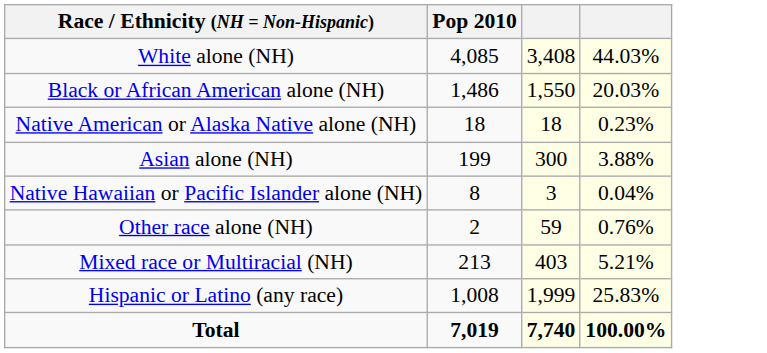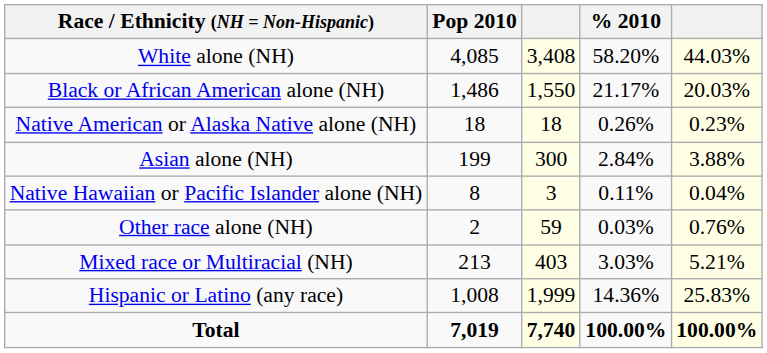 <table class="wikitable" style="text-align:center;">
 <tr>
 <th>Race / Ethnicity <small>(<em>NH = Non-Hispanic</em>)</small></th>
 <th>Pop 2010</th>
 <th></th>
+<th>% 2010</th>
 <th></th>
 </tr>
 <tr>
 <td><a href='#'>White</a> alone (NH)</td>
 <td>4,085</td>
 <td style='background: #ffffe6;'>3,408</td>
+<td>58.20%</td>
 <td style='background: #ffffe6;'>44.03%</td>
 </tr>
 <tr>
 <td><a href='#'>Black or African American</a> alone (NH)</td>
 <td>1,486</td>
 <td style='background: #ffffe6;'>1,550</td>
+<td>21.17%</td>
 <td style='background: #ffffe6;'>20.03%</td>
 </tr>
 <tr>
 <td><a href='#'>Native American</a> or <a href='#'>Alaska Native</a> alone (NH)</td>
 <td>18</td>
 <td style='background: #ffffe6;'>18</td>
+<td>0.26%</td>
 <td style='background: #ffffe6;'>0.23%</td>
 </tr>
 <tr>
 <td><a href='#'>Asian</a> alone (NH)</td>
 <td>199</td>
 <td style='background: #ffffe6;'>300</td>
+<td>2.84%</td>
 <td style='background: #ffffe6;'>3.88%</td>
 </tr>
 <tr>
 <td><a href='#'>Native Hawaiian</a> or <a href='#'>Pacific Islander</a> alone (NH)</td>
 <td>8</td>
 <td style='background: #ffffe6;'>3</td>
+<td>0.11%</td>
 <td style='background: #ffffe6;'>0.04%</td>
 </tr>
 <tr>
 <td><a href='#'>Other race</a> alone (NH)</td>
 <td>2</td>
 <td style='background: #ffffe6;'>59</td>
+<td>0.03%</td>
 <td style='background: #ffffe6;'>0.76%</td>
 </tr>
 <tr>
 <td><a href='#'>Mixed race or Multiracial</a> (NH)</td>
 <td>213</td>
 <td style='background: #ffffe6;'>403</td>
+<td>3.03%</td>
 <td style='background: #ffffe6;'>5.21%</td>
 </tr>
 <tr>
 <td><a href='#'>Hispanic or Latino</a> (any race)</td>
 <td>1,008</td>
 <td style='background: #ffffe6;'>1,999</td>
+<td>14.36%</td>
 <td style='background: #ffffe6;'>25.83%</td>
 </tr>
 <tr>
 <td><strong>Total</strong></td>
 <td><strong>7,019</strong></td>
 <td style='background: #ffffe6;'><strong>7,740</strong></td>
+<td><strong>100.00%</strong></td>
 <td style='background: #ffffe6;'><strong>100.00%</strong></td>
 </tr>
 </table>
